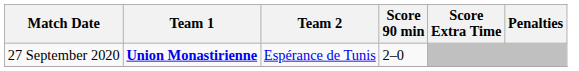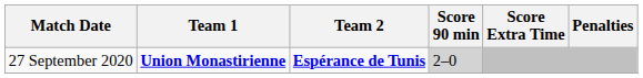 <table class="wikitable alternance">
 <tr>
 <th>Match Date</th>
 <th>Team 1</th>
 <th>Team 2</th>
 <th>Score<br>90 min</th>
 <th>Score<br>Extra Time</th>
 <th>Penalties</th>
 </tr>
 <tr>
 <td>27 September 2020</td>
 <td><strong><a href='#'>Union Monastirienne</a></strong></td>
-<td><a href='#'>Espérance de Tunis</a></td>
-<td>2–0</td>
+<td><strong><a href='#'>Espérance de Tunis</a></strong></td>
+<td style="background: lightgrey;">2–0</td>
 <td bgcolor=silver colspan=2></td>
 </tr>
 <tr>
 </tr>
 </table>
